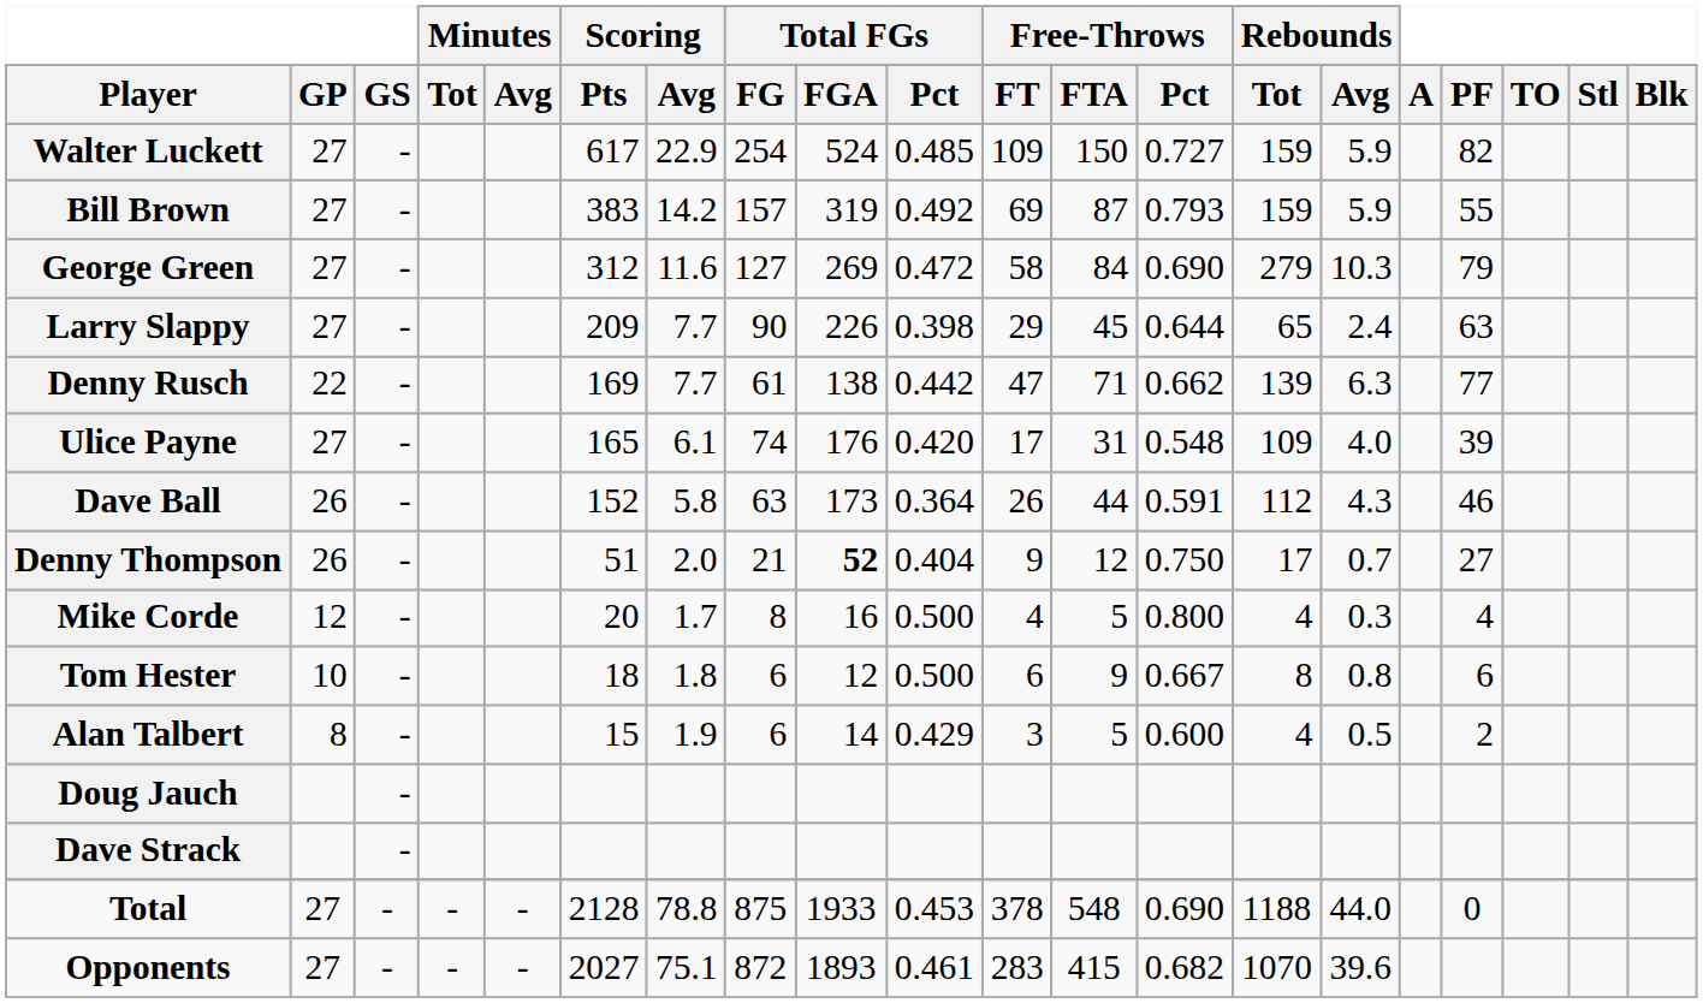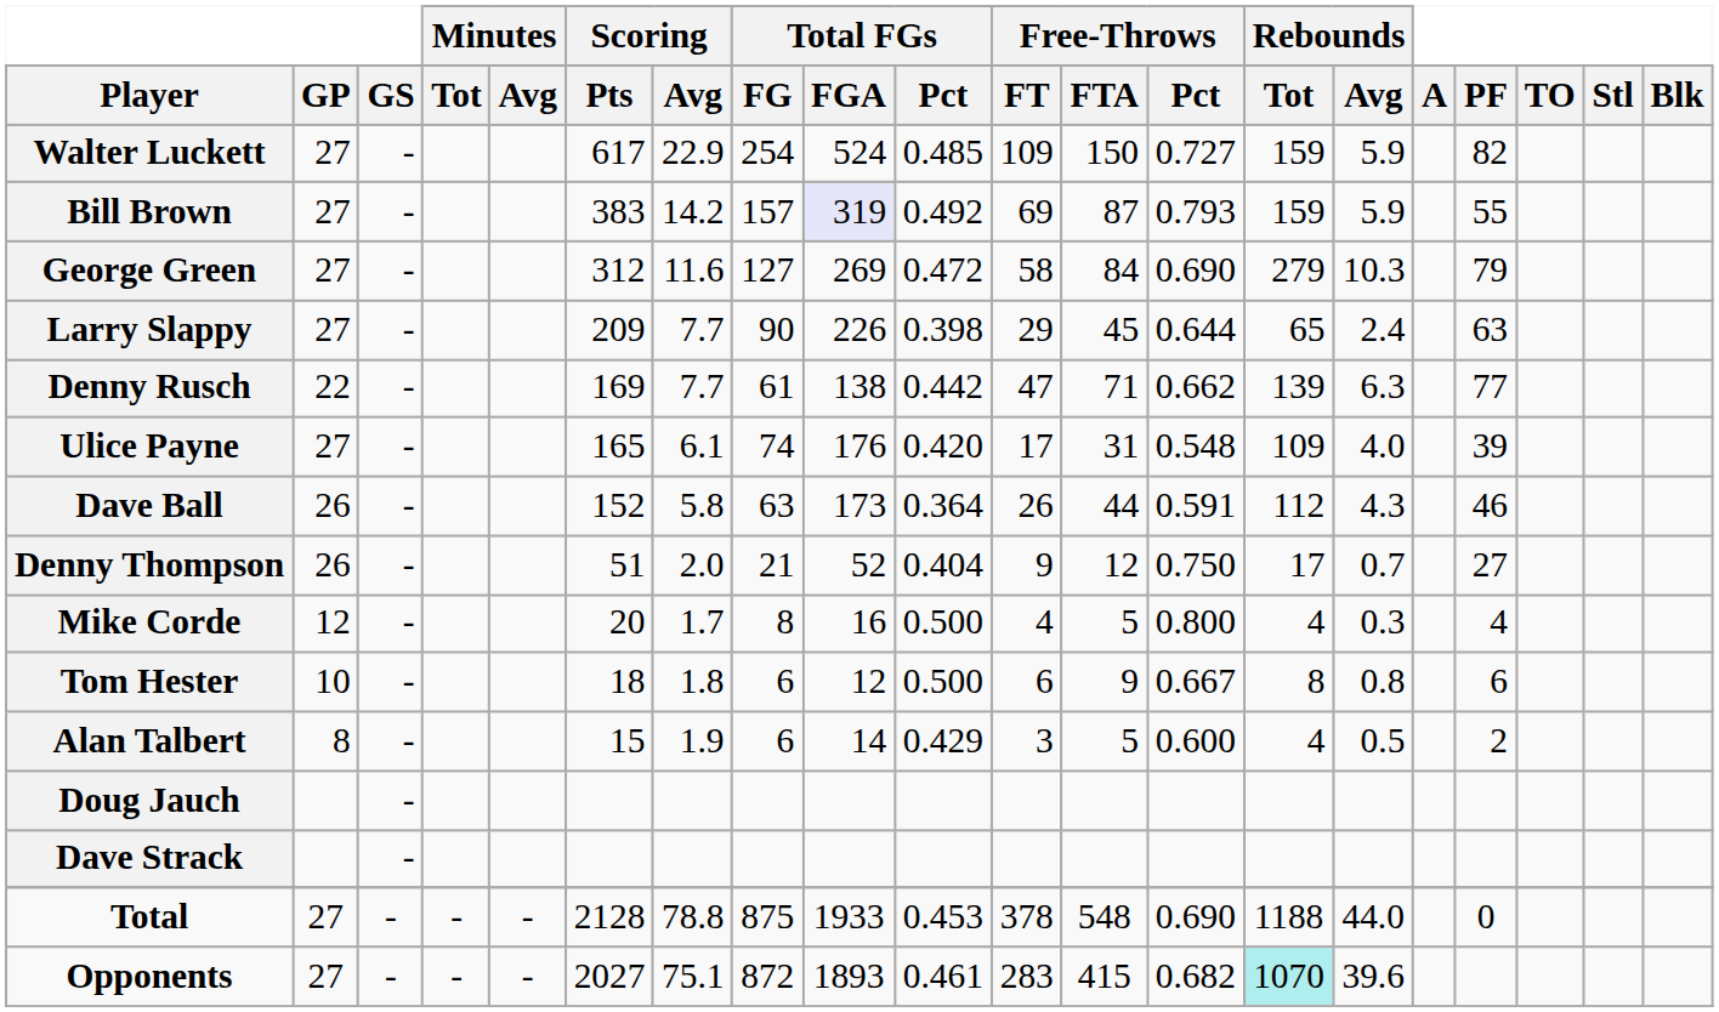 <table class="wikitable sortable" border="1" style="font-size:90%;">
 <tr>
 <th colspan="3" style="border-top-style:hidden; border-left-style:hidden; background: white;"></th>
 <th colspan="2" style=>Minutes</th>
 <th colspan="2" style=>Scoring</th>
 <th colspan="3" style=>Total FGs</th>
 <th colspan="3" style=>Free-Throws</th>
 <th colspan="2" style=>Rebounds</th>
 <th colspan="5" style="border-top-style:hidden; border-right-style:hidden; background: white;"></th>
 </tr>
 <tr>
 <th scope="col" style=>Player</th>
 <th scope="col" style=>GP</th>
 <th scope="col" style=>GS</th>
 <th scope="col" style=>Tot</th>
 <th scope="col" style=>Avg</th>
 <th scope="col" style=>Pts</th>
 <th scope="col" style=>Avg</th>
 <th scope="col" style=>FG</th>
 <th scope="col" style=>FGA</th>
 <th scope="col" style=>Pct</th>
 <th scope="col" style=>FT</th>
 <th scope="col" style=>FTA</th>
 <th scope="col" style=>Pct</th>
 <th scope="col" style=>Tot</th>
 <th scope="col" style=>Avg</th>
 <th scope="col" style=>A</th>
 <th scope="col" style=>PF</th>
 <th scope="col" style=>TO</th>
 <th scope="col" style=>Stl</th>
 <th scope="col" style=>Blk</th>
 </tr>
 <tr>
 <th>Walter Luckett</th>
 <td align="right">27</td>
 <td align="right">-</td>
 <td align="right"></td>
 <td align="right"></td>
 <td align="right">617</td>
 <td align="right">22.9</td>
 <td align="right">254</td>
 <td align="right">524</td>
 <td align="right">0.485</td>
 <td align="right">109</td>
 <td align="right">150</td>
 <td align="right">0.727</td>
 <td align="right">159</td>
 <td align="right">5.9</td>
 <td align="right"></td>
 <td align="right">82</td>
 <td align="right"></td>
 <td align="right"></td>
 <td align="right"></td>
 </tr>
 <tr>
 <th>Bill Brown</th>
 <td align="right">27</td>
 <td align="right">-</td>
 <td align="right"></td>
 <td align="right"></td>
 <td align="right">383</td>
 <td align="right">14.2</td>
 <td align="right">157</td>
-<td align="right">319</td>
+<td align="right" style="background: lavender;">319</td>
 <td align="right">0.492</td>
 <td align="right">69</td>
 <td align="right">87</td>
 <td align="right">0.793</td>
 <td align="right">159</td>
 <td align="right">5.9</td>
 <td align="right"></td>
 <td align="right">55</td>
 <td align="right"></td>
 <td align="right"></td>
 <td align="right"></td>
 </tr>
 <tr>
 <th>George Green</th>
 <td align="right">27</td>
 <td align="right">-</td>
 <td align="right"></td>
 <td align="right"></td>
 <td align="right">312</td>
 <td align="right">11.6</td>
 <td align="right">127</td>
 <td align="right">269</td>
 <td align="right">0.472</td>
 <td align="right">58</td>
 <td align="right">84</td>
 <td align="right">0.690</td>
 <td align="right">279</td>
 <td align="right">10.3</td>
 <td align="right"></td>
 <td align="right">79</td>
 <td align="right"></td>
 <td align="right"></td>
 <td align="right"></td>
 </tr>
 <tr>
 <th>Larry Slappy</th>
 <td align="right">27</td>
 <td align="right">-</td>
 <td align="right"></td>
 <td align="right"></td>
 <td align="right">209</td>
 <td align="right">7.7</td>
 <td align="right">90</td>
 <td align="right">226</td>
 <td align="right">0.398</td>
 <td align="right">29</td>
 <td align="right">45</td>
 <td align="right">0.644</td>
 <td align="right">65</td>
 <td align="right">2.4</td>
 <td align="right"></td>
 <td align="right">63</td>
 <td align="right"></td>
 <td align="right"></td>
 <td align="right"></td>
 </tr>
 <tr>
 <th>Denny Rusch</th>
 <td align="right">22</td>
 <td align="right">-</td>
 <td align="right"></td>
 <td align="right"></td>
 <td align="right">169</td>
 <td align="right">7.7</td>
 <td align="right">61</td>
 <td align="right">138</td>
 <td align="right">0.442</td>
 <td align="right">47</td>
 <td align="right">71</td>
 <td align="right">0.662</td>
 <td align="right">139</td>
 <td align="right">6.3</td>
 <td align="right"></td>
 <td align="right">77</td>
 <td align="right"></td>
 <td align="right"></td>
 <td align="right"></td>
 </tr>
 <tr>
 <th>Ulice Payne</th>
 <td align="right">27</td>
 <td align="right">-</td>
 <td align="right"></td>
 <td align="right"></td>
 <td align="right">165</td>
 <td align="right">6.1</td>
 <td align="right">74</td>
 <td align="right">176</td>
 <td align="right">0.420</td>
 <td align="right">17</td>
 <td align="right">31</td>
 <td align="right">0.548</td>
 <td align="right">109</td>
 <td align="right">4.0</td>
 <td align="right"></td>
 <td align="right">39</td>
 <td align="right"></td>
 <td align="right"></td>
 <td align="right"></td>
 </tr>
 <tr>
 <th>Dave Ball</th>
 <td align="right">26</td>
 <td align="right">-</td>
 <td align="right"></td>
 <td align="right"></td>
 <td align="right">152</td>
 <td align="right">5.8</td>
 <td align="right">63</td>
 <td align="right">173</td>
 <td align="right">0.364</td>
 <td align="right">26</td>
 <td align="right">44</td>
 <td align="right">0.591</td>
 <td align="right">112</td>
 <td align="right">4.3</td>
 <td align="right"></td>
 <td align="right">46</td>
 <td align="right"></td>
 <td align="right"></td>
 <td align="right"></td>
 </tr>
 <tr>
 <th>Denny Thompson</th>
 <td align="right">26</td>
 <td align="right">-</td>
 <td align="right"></td>
 <td align="right"></td>
 <td align="right">51</td>
 <td align="right">2.0</td>
 <td align="right">21</td>
-<td align="right"><strong>52</strong></td>
+<td align="right">52</td>
 <td align="right">0.404</td>
 <td align="right">9</td>
 <td align="right">12</td>
 <td align="right">0.750</td>
 <td align="right">17</td>
 <td align="right">0.7</td>
 <td align="right"></td>
 <td align="right">27</td>
 <td align="right"></td>
 <td align="right"></td>
 <td align="right"></td>
 </tr>
 <tr>
 <th>Mike Corde</th>
 <td align="right">12</td>
 <td align="right">-</td>
 <td align="right"></td>
 <td align="right"></td>
 <td align="right">20</td>
 <td align="right">1.7</td>
 <td align="right">8</td>
 <td align="right">16</td>
 <td align="right">0.500</td>
 <td align="right">4</td>
 <td align="right">5</td>
 <td align="right">0.800</td>
 <td align="right">4</td>
 <td align="right">0.3</td>
 <td align="right"></td>
 <td align="right">4</td>
 <td align="right"></td>
 <td align="right"></td>
 <td align="right"></td>
 </tr>
 <tr>
 <th>Tom Hester</th>
 <td align="right">10</td>
 <td align="right">-</td>
 <td align="right"></td>
 <td align="right"></td>
 <td align="right">18</td>
 <td align="right">1.8</td>
 <td align="right">6</td>
 <td align="right">12</td>
 <td align="right">0.500</td>
 <td align="right">6</td>
 <td align="right">9</td>
 <td align="right">0.667</td>
 <td align="right">8</td>
 <td align="right">0.8</td>
 <td align="right"></td>
 <td align="right">6</td>
 <td align="right"></td>
 <td align="right"></td>
 <td align="right"></td>
 </tr>
 <tr>
 <th>Alan Talbert</th>
 <td align="right">8</td>
 <td align="right">-</td>
 <td align="right"></td>
 <td align="right"></td>
 <td align="right">15</td>
 <td align="right">1.9</td>
 <td align="right">6</td>
 <td align="right">14</td>
 <td align="right">0.429</td>
 <td align="right">3</td>
 <td align="right">5</td>
 <td align="right">0.600</td>
 <td align="right">4</td>
 <td align="right">0.5</td>
 <td align="right"></td>
 <td align="right">2</td>
 <td align="right"></td>
 <td align="right"></td>
 <td align="right"></td>
 </tr>
 <tr>
 <th>Doug Jauch</th>
 <td align="right"></td>
 <td align="right">-</td>
 <td align="right"></td>
 <td align="right"></td>
 <td align="right"></td>
 <td align="right"></td>
 <td align="right"></td>
 <td align="right"></td>
 <td align="right"></td>
 <td align="right"></td>
 <td align="right"></td>
 <td align="right"></td>
 <td align="right"></td>
 <td align="right"></td>
 <td align="right"></td>
 <td align="right"></td>
 <td align="right"></td>
 <td align="right"></td>
 <td align="right"></td>
 </tr>
 <tr>
 <th>Dave Strack</th>
 <td align="right"></td>
 <td align="right">-</td>
 <td align="right"></td>
 <td align="right"></td>
 <td align="right"></td>
 <td align="right"></td>
 <td align="right"></td>
 <td align="right"></td>
 <td align="right"></td>
 <td align="right"></td>
 <td align="right"></td>
 <td align="right"></td>
 <td align="right"></td>
 <td align="right"></td>
 <td align="right"></td>
 <td align="right"></td>
 <td align="right"></td>
 <td align="right"></td>
 <td align="right"></td>
 </tr>
 <tr>
 </tr>
 <tr class="sortbottom">
 <td align="center" style=><strong>Total</strong></td>
 <td align="center" style=>27</td>
 <td align="center" style=>-</td>
 <td align="center" style=>-</td>
 <td align="center" style=>-</td>
 <td align="center" style=>2128</td>
 <td align="center" style=>78.8</td>
 <td align="center" style=>875</td>
 <td align="center" style=>1933</td>
 <td align="center" style=>0.453</td>
 <td align="center" style=>378</td>
 <td align="center" style=>548</td>
 <td align="center" style=>0.690</td>
 <td align="center" style=>1188</td>
 <td align="center" style=>44.0</td>
 <td align="center" style=></td>
 <td align="center" style=>0</td>
 <td align="center" style=></td>
 <td align="center" style=></td>
 <td align="center" style=></td>
 </tr>
 <tr class="sortbottom">
 <td align="center"><strong>Opponents</strong></td>
 <td align="center">27</td>
 <td align="center">-</td>
 <td align="center">-</td>
 <td align="center">-</td>
 <td align="center">2027</td>
 <td align="center">75.1</td>
 <td align="center">872</td>
 <td align="center">1893</td>
 <td align="center">0.461</td>
 <td align="center">283</td>
 <td align="center">415</td>
 <td align="center">0.682</td>
-<td align="center">1070</td>
+<td align="center" style="background: paleturquoise;">1070</td>
 <td align="center">39.6</td>
 <td align="center"></td>
 <td align="center"></td>
 <td align="center"></td>
 <td align="center"></td>
 <td align="center"></td>
 </tr>
 </table>
